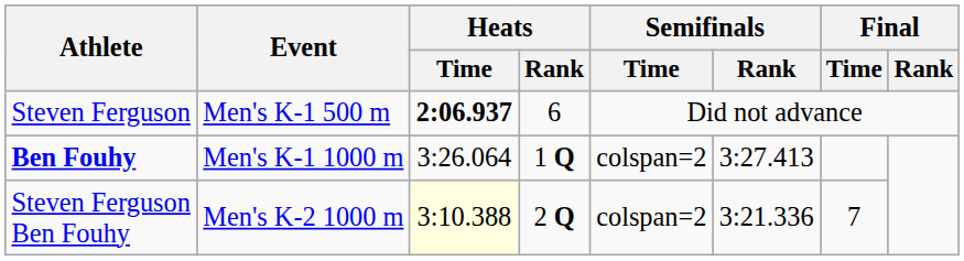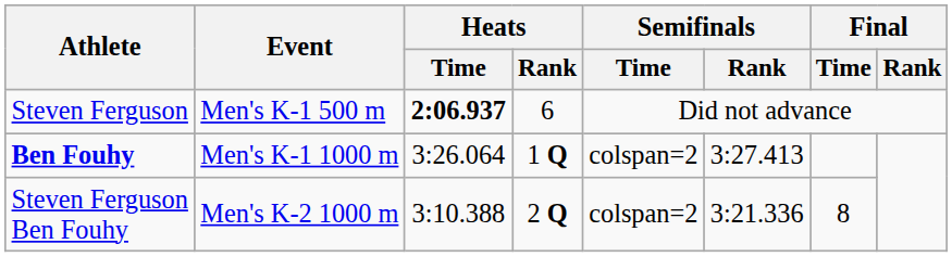 <table class="wikitable" style="font-size:90%">
 <tr>
 <th rowspan=2>Athlete</th>
 <th rowspan=2>Event</th>
 <th colspan=2>Heats</th>
 <th colspan=2>Semifinals</th>
 <th colspan=2>Final</th>
 </tr>
 <tr style="font-size:95%">
 <th>Time</th>
 <th>Rank</th>
 <th>Time</th>
 <th>Rank</th>
 <th>Time</th>
 <th>Rank</th>
 </tr>
 <tr align=center>
 <td align=left><a href='#'>Steven Ferguson</a></td>
 <td align=left><a href='#'>Men's K-1 500 m</a></td>
 <td><strong>2:06.937</strong></td>
 <td>6</td>
 <td colspan=4>Did not advance</td>
 </tr>
 <tr align=center>
 <td align=left><strong><a href='#'>Ben Fouhy</a></strong></td>
 <td align=left><a href='#'>Men's K-1 1000 m</a></td>
 <td>3:26.064</td>
 <td>1 <strong>Q</strong></td>
 <td>colspan=2 </td>
 <td>3:27.413</td>
 <td></td>
 </tr>
 <tr align=center>
 <td align=left><a href='#'>Steven Ferguson</a><br><a href='#'>Ben Fouhy</a></td>
 <td align=left><a href='#'>Men's K-2 1000 m</a></td>
-<td style="background: lightyellow;">3:10.388</td>
+<td>3:10.388</td>
 <td>2 <strong>Q</strong></td>
 <td>colspan=2 </td>
 <td>3:21.336</td>
-<td>7</td>
+<td>8</td>
 </tr>
 </table>
